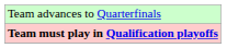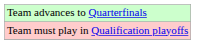 <table class="wikitable">
 <tr width=10px bgcolor="#ccffcc">
 <td>Team advances to <a href='#'>Quarterfinals</a></td>
 </tr>
 <tr width=10px bgcolor="#ffcccc">
-<td><strong>Team must play in <a href='#'>Qualification playoffs</a></strong></td>
+<td>Team must play in <a href='#'>Qualification playoffs</a></td>
 </tr>
 <tr>
 </tr>
 </table>
